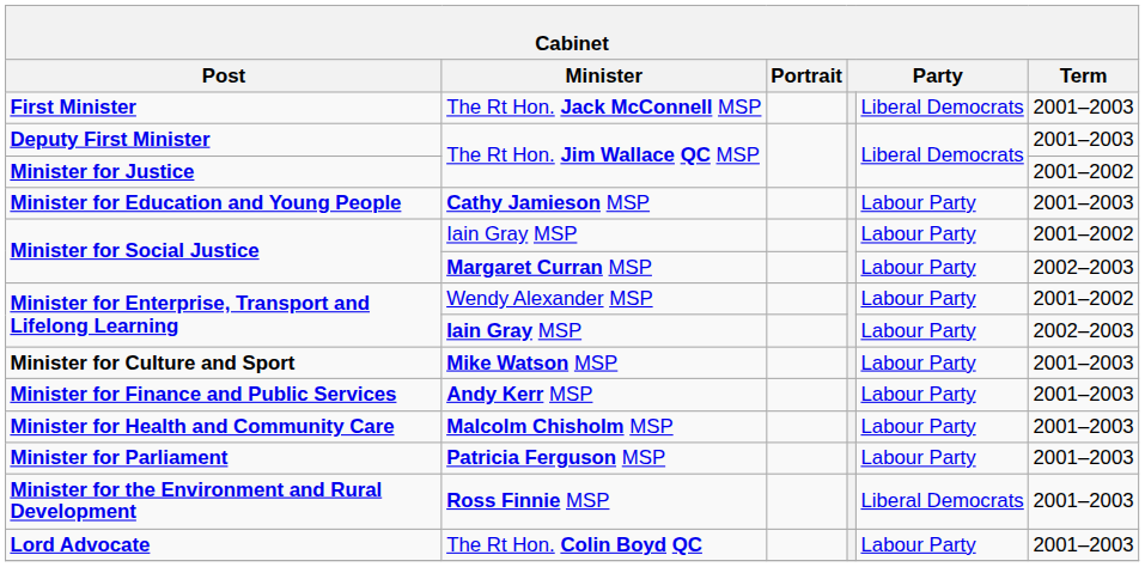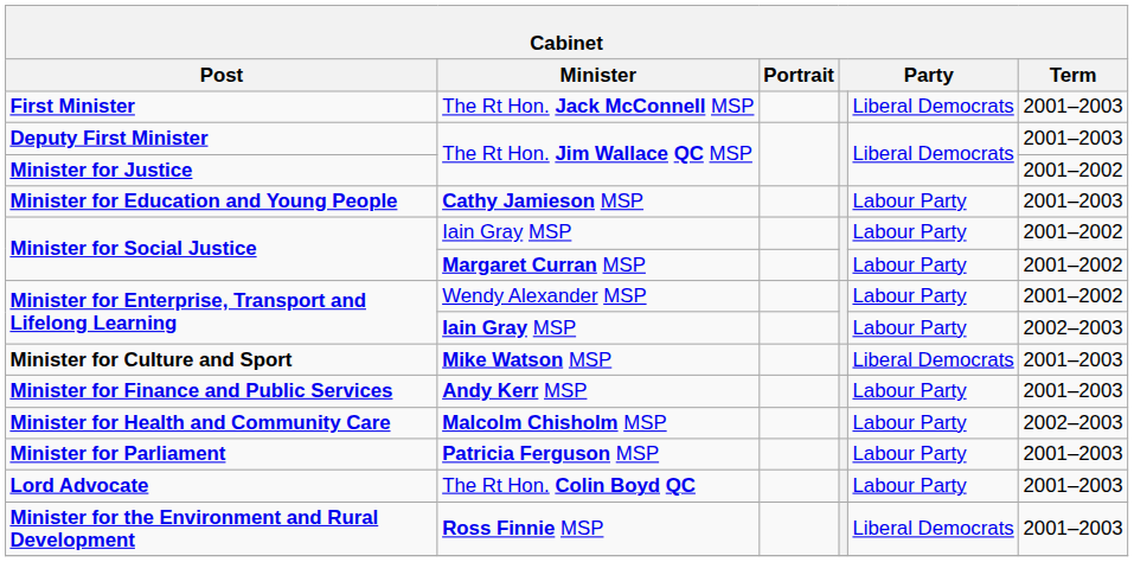 <table class="wikitable">
 <tr>
 <th colspan="6"><br>Cabinet</th>
 </tr>
 <tr>
 <th style="width: 340px">Post</th>
 <th>Minister</th>
 <th>Portrait</th>
 <th colspan="2">Party</th>
 <th>Term</th>
 </tr>
 <tr>
 <td><strong><a href='#'>First Minister</a></strong></td>
 <td><a href='#'>The Rt Hon.</a> <strong><a href='#'>Jack McConnell</a></strong> <a href='#'>MSP</a></td>
 <td></td>
 <th style="background-color: "></th>
 <td><a href='#'>Liberal Democrats</a></td>
 <td>2001–2003</td>
 </tr>
 <tr>
 <td><strong><a href='#'>Deputy First Minister</a></strong></td>
 <td rowspan="2"><a href='#'>The Rt Hon.</a> <strong><a href='#'>Jim Wallace</a></strong> <a href='#'><strong>QC</strong></a> <a href='#'>MSP</a></td>
 <td rowspan="2"></td>
 <th rowspan="2" style="background-color: "></th>
 <td rowspan="2"><a href='#'>Liberal Democrats</a></td>
 <td>2001–2003</td>
 </tr>
 <tr>
 <td><strong><a href='#'>Minister for Justice</a></strong></td>
 <td>2001–2002</td>
 </tr>
 <tr>
 <td><strong><a href='#'>Minister for Education and Young People</a></strong></td>
 <td><strong><a href='#'>Cathy Jamieson</a></strong> <a href='#'>MSP</a></td>
 <td></td>
 <th style="background-color: "></th>
 <td><a href='#'>Labour Party</a></td>
 <td>2001–2003</td>
 </tr>
 <tr>
 <td rowspan="2"><strong><a href='#'>Minister for Social Justice</a></strong></td>
 <td><a href='#'>Iain Gray</a> <a href='#'>MSP</a></td>
 <td></td>
 <th rowspan="2" style="background-color: "></th>
 <td><a href='#'>Labour Party</a></td>
 <td>2001–2002</td>
 </tr>
 <tr>
 <td><strong><a href='#'>Margaret Curran</a></strong> <a href='#'>MSP</a></td>
 <td></td>
 <td><a href='#'>Labour Party</a></td>
-<td>2002–2003</td>
+<td>2001–2002</td>
 </tr>
 <tr>
 <td rowspan="2"><strong><a href='#'>Minister for Enterprise, Transport and Lifelong Learning</a></strong></td>
 <td><a href='#'>Wendy Alexander</a> <a href='#'>MSP</a></td>
 <td></td>
 <th rowspan="2" style="background-color: "></th>
 <td><a href='#'>Labour Party</a></td>
 <td>2001–2002</td>
 </tr>
 <tr>
 <td><strong><a href='#'>Iain Gray</a></strong> <a href='#'>MSP</a></td>
 <td></td>
 <td><a href='#'>Labour Party</a></td>
 <td>2002–2003</td>
 </tr>
 <tr>
 <td><strong>Minister for Culture and Sport</strong></td>
 <td><strong><a href='#'>Mike Watson</a></strong> <a href='#'>MSP</a></td>
 <td></td>
 <th style="background-color: "></th>
-<td><a href='#'>Labour Party</a></td>
+<td><a href='#'>Liberal Democrats</a></td>
 <td>2001–2003</td>
 </tr>
 <tr>
 <td><strong><a href='#'>Minister for Finance and Public Services</a></strong></td>
 <td><strong><a href='#'>Andy Kerr</a></strong> <a href='#'>MSP</a></td>
 <td></td>
 <th style="background-color: "></th>
 <td><a href='#'>Labour Party</a></td>
 <td>2001–2003</td>
 </tr>
 <tr>
 <td><strong><a href='#'>Minister for Health and Community Care</a></strong></td>
 <td><strong><a href='#'>Malcolm Chisholm</a></strong> <a href='#'>MSP</a></td>
 <td></td>
 <th style="background-color: "></th>
 <td><a href='#'>Labour Party</a></td>
-<td>2001–2003</td>
+<td>2002–2003</td>
 </tr>
 <tr>
 <td><strong><a href='#'>Minister for Parliament</a></strong></td>
 <td><strong><a href='#'>Patricia Ferguson</a></strong> <a href='#'>MSP</a></td>
+<td></td>
+<th style="background-color: "></th>
+<td><a href='#'>Labour Party</a></td>
+<td>2001–2003</td>
+</tr>
+<tr>
+<td><strong><a href='#'>Lord Advocate</a></strong></td>
+<td><a href='#'>The Rt Hon.</a> <strong><a href='#'>Colin Boyd</a> <a href='#'>QC</a></strong></td>
 <td></td>
 <th style="background-color: "></th>
 <td><a href='#'>Labour Party</a></td>
 <td>2001–2003</td>
 </tr>
 <tr>
 <td><strong><a href='#'>Minister for the Environment and Rural Development</a></strong></td>
 <td><strong><a href='#'>Ross Finnie</a></strong> <a href='#'>MSP</a></td>
 <td></td>
 <th style="background-color: "></th>
 <td><a href='#'>Liberal Democrats</a></td>
 <td>2001–2003</td>
 </tr>
 <tr>
-<td><strong><a href='#'>Lord Advocate</a></strong></td>
-<td><a href='#'>The Rt Hon.</a> <strong><a href='#'>Colin Boyd</a> <a href='#'>QC</a></strong></td>
-<td></td>
-<th style="background-color: "></th>
-<td><a href='#'>Labour Party</a></td>
-<td>2001–2003</td>
-</tr>
-<tr>
 </tr>
 </table>
